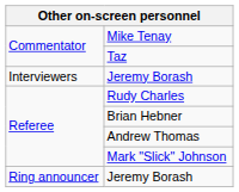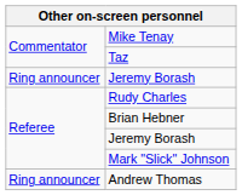 <table class="wikitable" style="float:right; border:1px; font-size:90%; margin-left:1em;">
 <tr>
 <th colspan="2" style="width:250px;"><strong>Other on-screen personnel</strong></th>
 </tr>
 <tr>
 <td rowspan=2><a href='#'>Commentator</a></td>
 <td><a href='#'>Mike Tenay</a></td>
 </tr>
 <tr>
 <td><a href='#'>Taz</a></td>
 </tr>
 <tr>
-<td>Interviewers</td>
+<td><a href='#'>Ring announcer</a></td>
 <td><a href='#'>Jeremy Borash</a></td>
 </tr>
 <tr>
 <td rowspan=4><a href='#'>Referee</a></td>
 <td><a href='#'>Rudy Charles</a></td>
 </tr>
 <tr>
 <td>Brian Hebner</td>
 </tr>
 <tr>
-<td>Andrew Thomas</td>
+<td>Jeremy Borash</td>
 </tr>
 <tr>
 <td><a href='#'>Mark "Slick" Johnson</a></td>
 </tr>
 <tr>
 <td><a href='#'>Ring announcer</a></td>
-<td>Jeremy Borash</td>
+<td>Andrew Thomas</td>
 </tr>
 </table>
